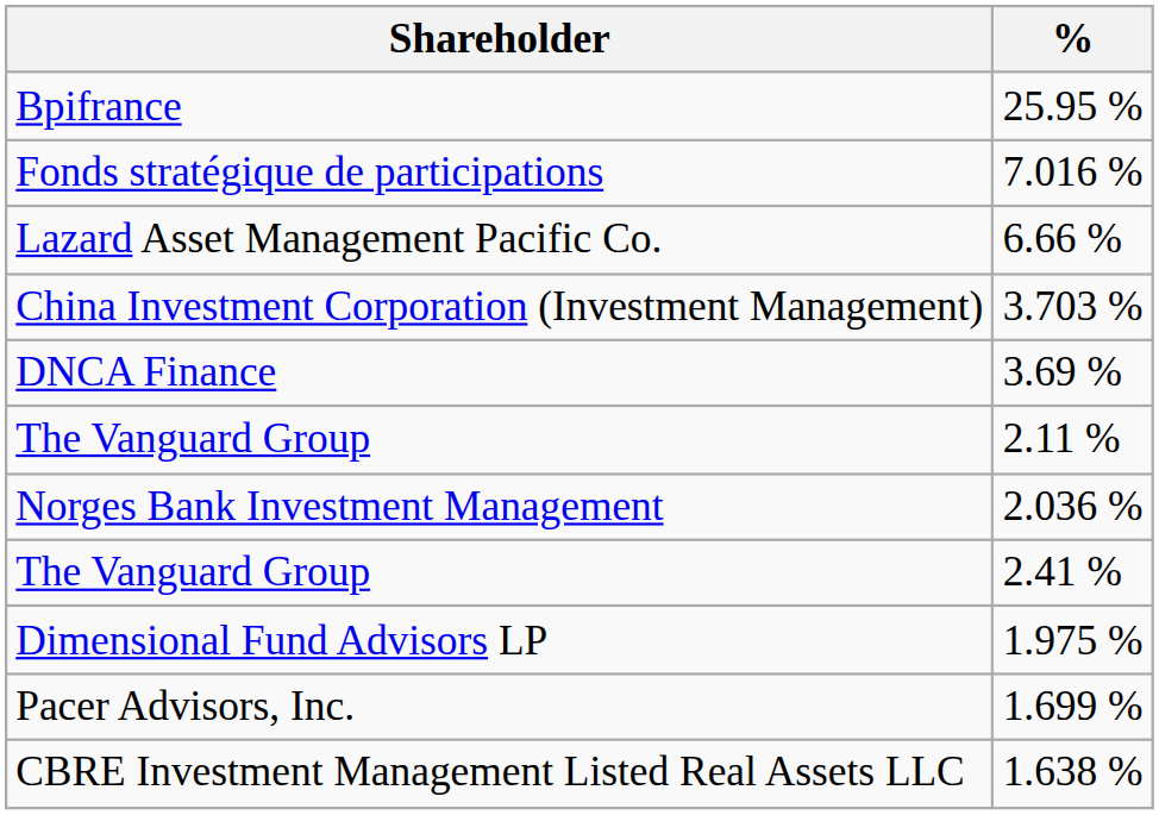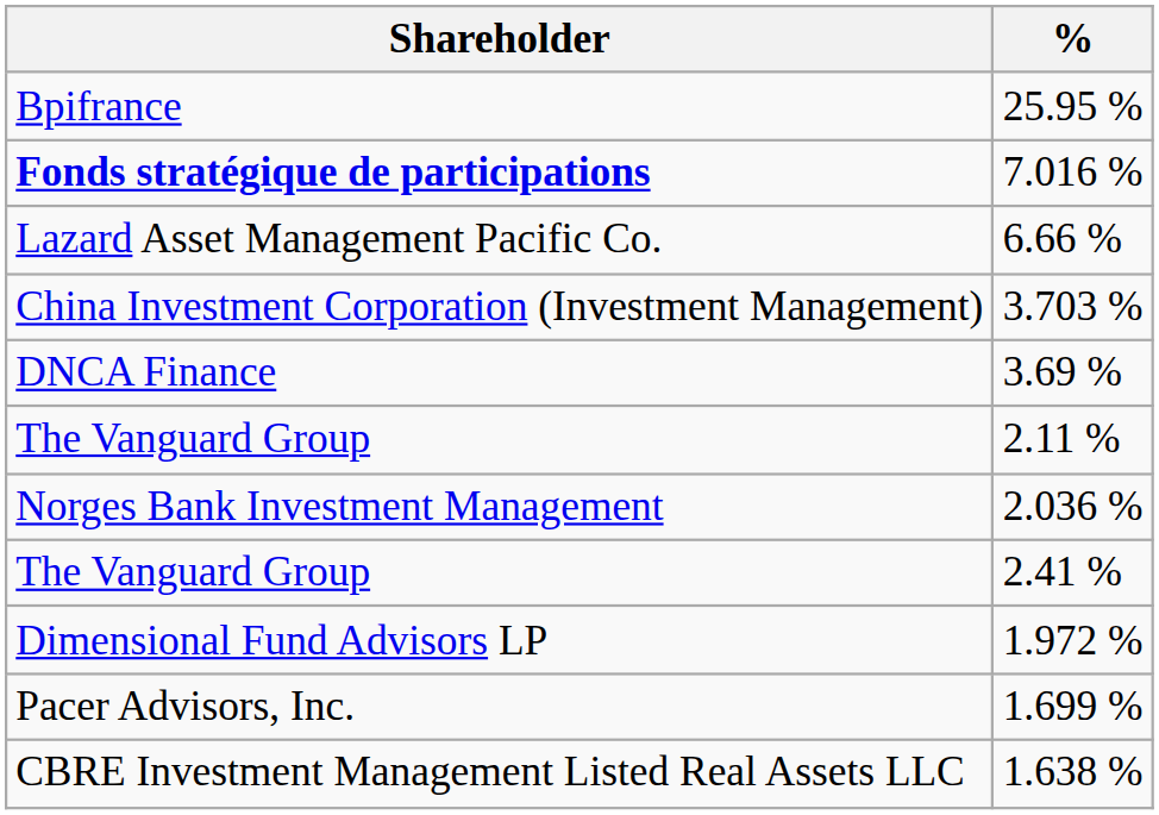 <table class="wikitable">
 <tr>
 <th>Shareholder</th>
 <th>%</th>
 </tr>
 <tr>
 <td><a href='#'>Bpifrance</a></td>
 <td>25.95 %</td>
 </tr>
 <tr>
-<td><a href='#'>Fonds stratégique de participations</a></td>
+<td><strong><a href='#'>Fonds stratégique de participations</a></strong></td>
 <td>7.016 %</td>
 </tr>
 <tr>
 <td><a href='#'>Lazard</a> Asset Management Pacific Co.</td>
 <td>6.66 %</td>
 </tr>
 <tr>
 <td><a href='#'>China Investment Corporation</a> (Investment Management)</td>
 <td>3.703 %</td>
 </tr>
 <tr>
 <td><a href='#'>DNCA Finance</a></td>
 <td>3.69 %</td>
 </tr>
 <tr>
 <td><a href='#'>The Vanguard Group</a></td>
 <td>2.11 %</td>
 </tr>
 <tr>
 <td><a href='#'>Norges Bank Investment Management</a></td>
 <td>2.036 %</td>
 </tr>
 <tr>
 <td><a href='#'>The Vanguard Group</a></td>
 <td>2.41 %</td>
 </tr>
 <tr>
 <td><a href='#'>Dimensional Fund Advisors</a> LP</td>
-<td>1.975 %</td>
+<td>1.972 %</td>
 </tr>
 <tr>
 <td>Pacer Advisors, Inc.</td>
 <td>1.699 %</td>
 </tr>
 <tr>
 <td>CBRE Investment Management Listed Real Assets LLC</td>
 <td>1.638 %</td>
 </tr>
 </table>
